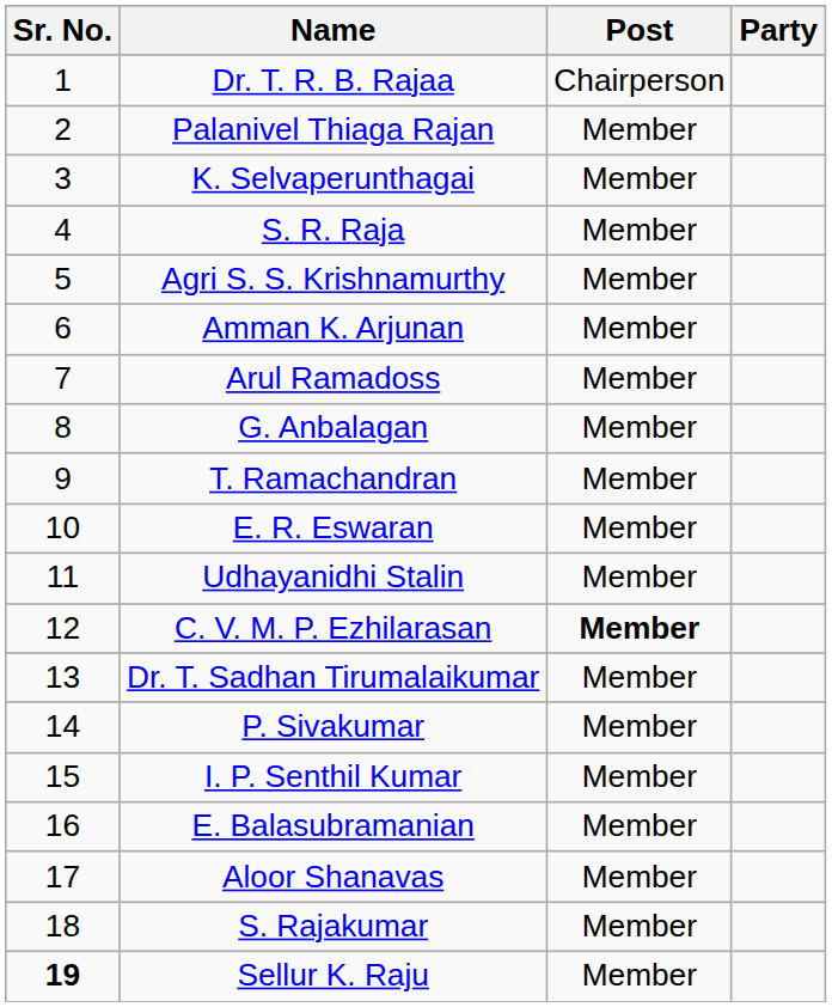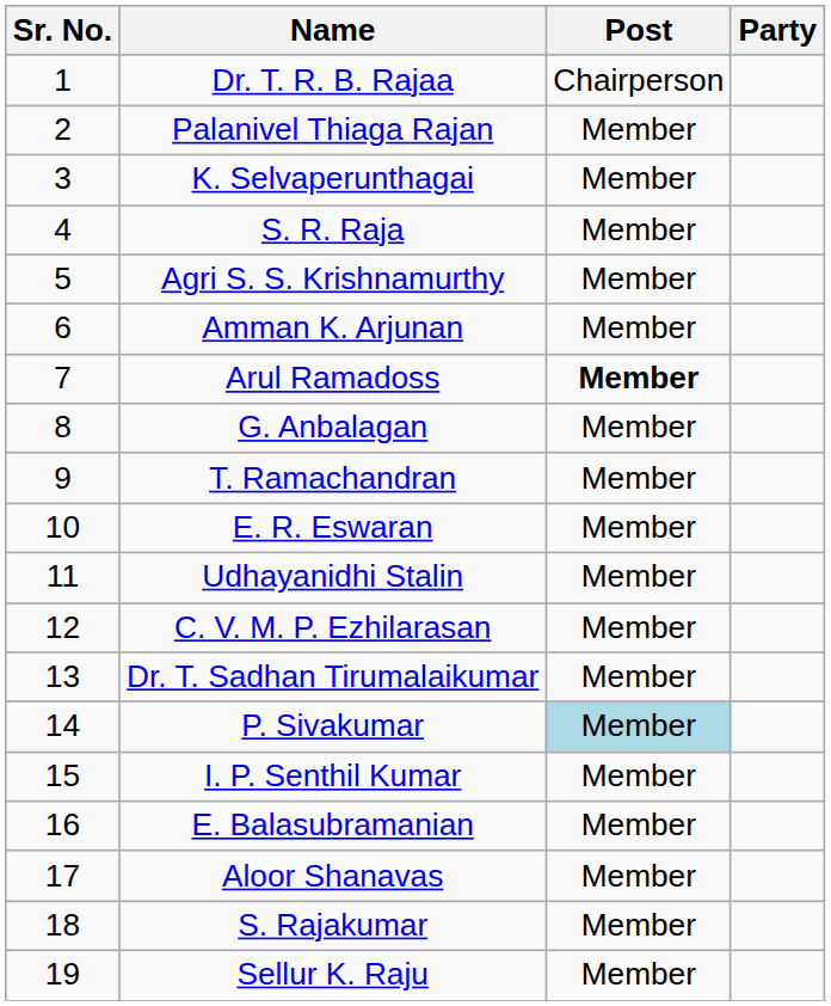 <table class="wikitable sortable">
 <tr>
 <th>Sr. No.</th>
 <th>Name</th>
 <th>Post</th>
 <th colspan="2">Party</th>
 </tr>
 <tr align="center">
 <td>1</td>
 <td><a href='#'>Dr. T. R. B. Rajaa</a></td>
 <td>Chairperson</td>
 <td></td>
 </tr>
 <tr align="center">
 <td>2</td>
 <td><a href='#'>Palanivel Thiaga Rajan</a></td>
 <td>Member</td>
 <td></td>
 </tr>
 <tr align="center">
 <td>3</td>
 <td><a href='#'>K. Selvaperunthagai</a></td>
 <td>Member</td>
 <td></td>
 </tr>
 <tr align="center">
 <td>4</td>
 <td><a href='#'>S. R. Raja</a></td>
 <td>Member</td>
 <td></td>
 </tr>
 <tr align="center">
 <td>5</td>
 <td><a href='#'>Agri S. S. Krishnamurthy</a></td>
 <td>Member</td>
 <td></td>
 </tr>
 <tr align="center">
 <td>6</td>
 <td><a href='#'>Amman K. Arjunan</a></td>
 <td>Member</td>
 <td></td>
 </tr>
 <tr align="center">
 <td>7</td>
 <td><a href='#'>Arul Ramadoss</a></td>
-<td>Member</td>
+<td><strong>Member</strong></td>
 <td></td>
 </tr>
 <tr align="center">
 <td>8</td>
 <td><a href='#'>G. Anbalagan</a></td>
 <td>Member</td>
 <td></td>
 </tr>
 <tr align="center">
 <td>9</td>
 <td><a href='#'>T. Ramachandran</a></td>
 <td>Member</td>
 <td></td>
 </tr>
 <tr align="center">
 <td>10</td>
 <td><a href='#'>E. R. Eswaran</a></td>
 <td>Member</td>
 <td></td>
 </tr>
 <tr align="center">
 <td>11</td>
 <td><a href='#'>Udhayanidhi Stalin</a></td>
 <td>Member</td>
 <td></td>
 </tr>
 <tr align="center">
 <td>12</td>
 <td><a href='#'>C. V. M. P. Ezhilarasan</a></td>
-<td><strong>Member</strong></td>
+<td>Member</td>
 <td></td>
 </tr>
 <tr align="center">
 <td>13</td>
 <td><a href='#'>Dr. T. Sadhan Tirumalaikumar</a></td>
 <td>Member</td>
 <td></td>
 </tr>
 <tr align="center">
 <td>14</td>
 <td><a href='#'>P. Sivakumar</a></td>
-<td>Member</td>
+<td style="background: lightblue;">Member</td>
 <td></td>
 </tr>
 <tr align="center">
 <td>15</td>
 <td><a href='#'>I. P. Senthil Kumar</a></td>
 <td>Member</td>
 <td></td>
 </tr>
 <tr align="center">
 <td>16</td>
 <td><a href='#'>E. Balasubramanian</a></td>
 <td>Member</td>
 <td></td>
 </tr>
 <tr align="center">
 <td>17</td>
 <td><a href='#'>Aloor Shanavas</a></td>
 <td>Member</td>
 <td></td>
 </tr>
 <tr align="center">
 <td>18</td>
 <td><a href='#'>S. Rajakumar</a></td>
 <td>Member</td>
 <td></td>
 </tr>
 <tr align="center">
-<td><strong>19</strong></td>
+<td>19</td>
 <td><a href='#'>Sellur K. Raju</a></td>
 <td>Member</td>
 <td></td>
 </tr>
 </table>
